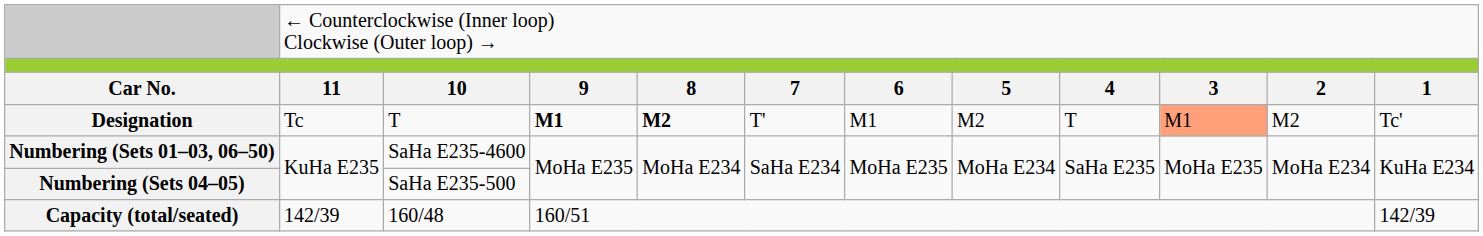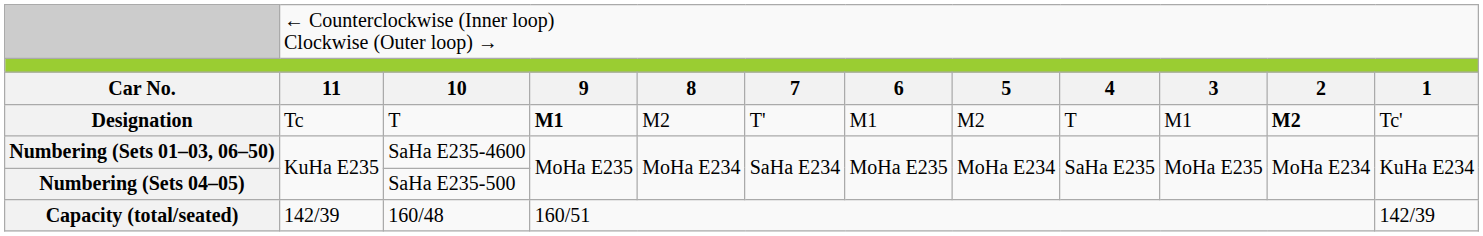 <table class="wikitable">
 <tr>
 <td style="background-color:#ccc;"> </td>
 <td colspan="11"><div>← Counterclockwise (Inner loop)</div><div>Clockwise (Outer loop) →</div></td>
 </tr>
 <tr style="line-height: 10px; background-color: #9ACD32;">
 <td colspan="12" style="padding:0; border:0;"> </td>
 </tr>
 <tr>
 <th>Car No.</th>
 <th>11</th>
 <th>10</th>
 <th>9</th>
 <th>8</th>
 <th>7</th>
 <th>6</th>
 <th>5</th>
 <th>4</th>
 <th>3</th>
 <th>2</th>
 <th>1</th>
 </tr>
 <tr>
 <th>Designation</th>
 <td>Tc</td>
 <td>T</td>
 <td><strong>M1</strong></td>
-<td><strong>M2</strong></td>
+<td>M2</td>
 <td>T'</td>
 <td>M1</td>
 <td>M2</td>
 <td>T</td>
-<td style="background: lightsalmon;">M1</td>
-<td>M2</td>
+<td>M1</td>
+<td><strong>M2</strong></td>
 <td>Tc'</td>
 </tr>
 <tr>
 <th>Numbering (Sets 01–03, 06–50)</th>
 <td rowspan="2">KuHa E235</td>
 <td>SaHa E235-4600</td>
 <td rowspan="2">MoHa E235</td>
 <td rowspan="2">MoHa E234</td>
 <td rowspan="2">SaHa E234</td>
 <td rowspan="2">MoHa E235</td>
 <td rowspan="2">MoHa E234</td>
 <td rowspan="2">SaHa E235</td>
 <td rowspan="2">MoHa E235</td>
 <td rowspan="2">MoHa E234</td>
 <td rowspan="2">KuHa E234</td>
 </tr>
 <tr>
 <th>Numbering (Sets 04–05)</th>
 <td>SaHa E235-500</td>
 </tr>
 <tr>
 <th>Capacity (total/seated)</th>
 <td>142/39</td>
 <td>160/48</td>
 <td colspan="8">160/51</td>
 <td>142/39</td>
 </tr>
 </table>
